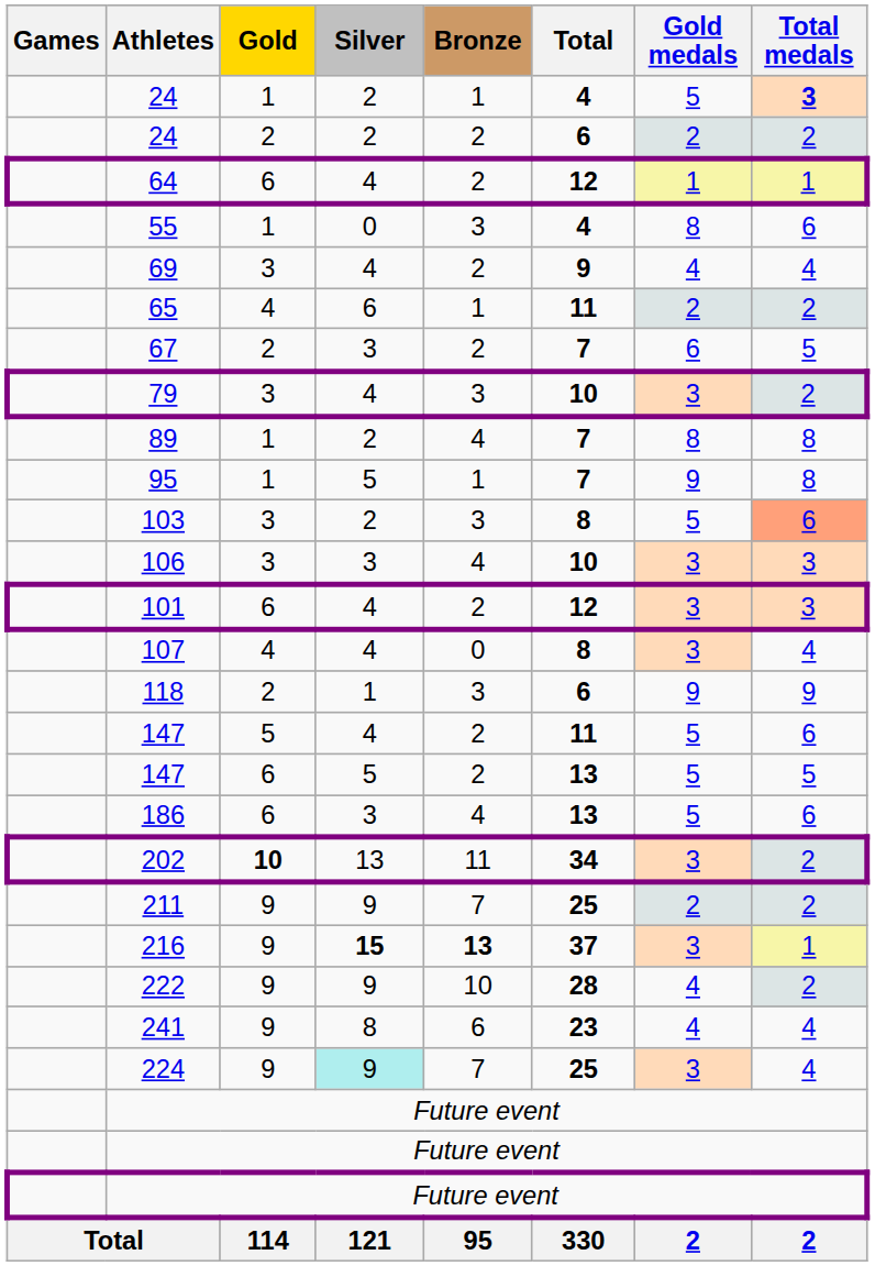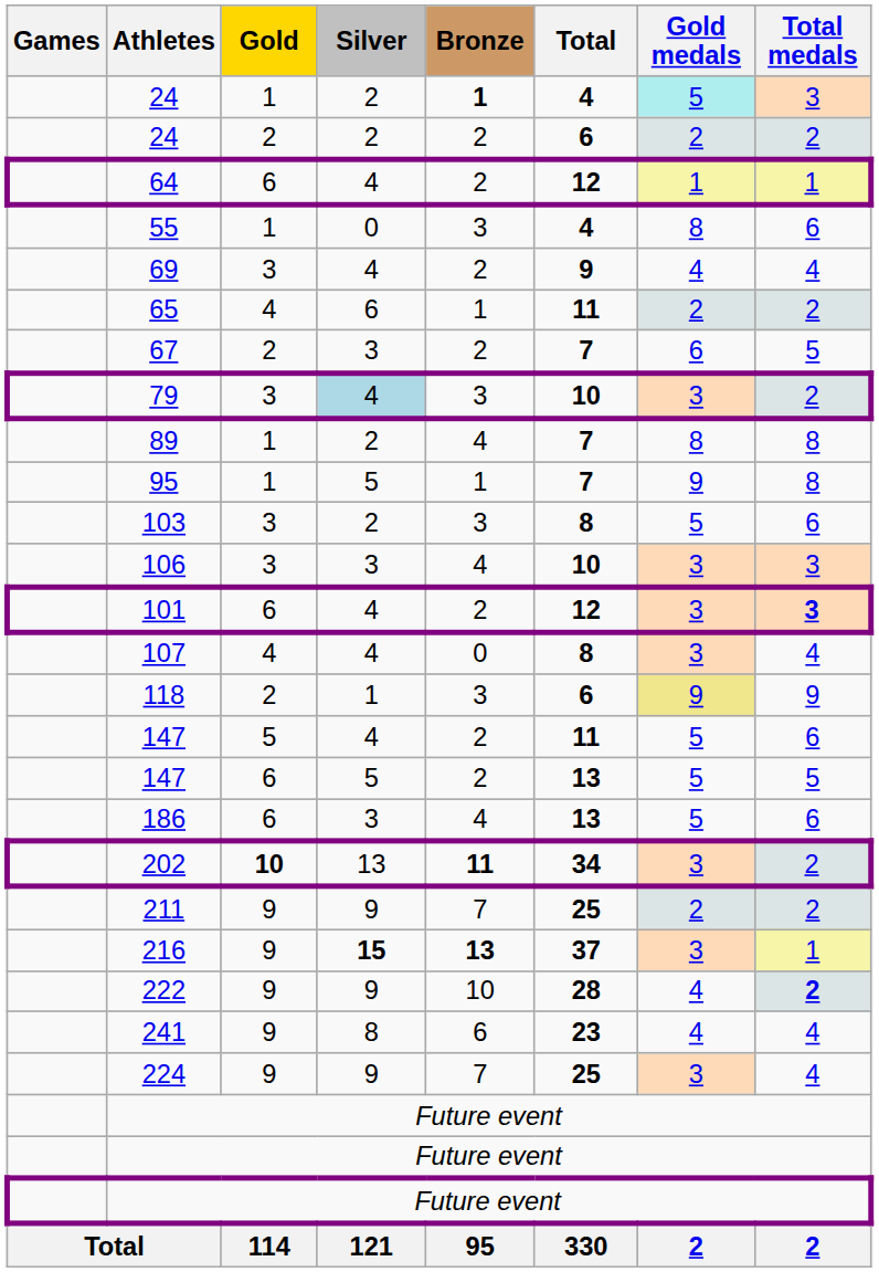 <table class="wikitable" style="text-align:center; font-size:90%;">
 <tr>
 <th>Games</th>
 <th>Athletes</th>
 <td style="background:gold; width:3.2em; font-weight:bold;">Gold</td>
 <td style="background:silver; width:3.7em; font-weight:bold;">Silver</td>
 <td style="background:#c96; width:3.7em; font-weight:bold;">Bronze</td>
 <th style="width:3.5em; font-weight:bold;">Total</th>
 <th style="width:4em; font-weight:bold;"><a href='#'>Gold medals</a></th>
 <th style="width:4em; font-weight:bold;"><a href='#'>Total medals</a></th>
 </tr>
 <tr>
 <td align=left></td>
 <td><a href='#'>24</a></td>
 <td>1</td>
 <td>2</td>
-<td>1</td>
+<td><strong>1</strong></td>
 <td><strong>4</strong></td>
-<td><a href='#'>5</a></td>
-<td style="background:#ffdab9;"><strong><a href='#'>3</a></strong></td>
+<td style="background: paleturquoise;"><a href='#'>5</a></td>
+<td style="background:#ffdab9;"><a href='#'>3</a></td>
 </tr>
 <tr>
 <td align=left></td>
 <td><a href='#'>24</a></td>
 <td>2</td>
 <td>2</td>
 <td>2</td>
 <td><strong>6</strong></td>
 <td style="background:#dce5e5;"><a href='#'>2</a></td>
 <td style="background:#dce5e5;"><a href='#'>2</a></td>
 </tr>
 <tr style="border: 3px solid purple">
 <td align=left></td>
 <td><a href='#'>64</a></td>
 <td>6</td>
 <td>4</td>
 <td>2</td>
 <td><strong>12</strong></td>
 <td style="background:#f7f6a8;"><a href='#'>1</a></td>
 <td style="background:#f7f6a8;"><a href='#'>1</a></td>
 </tr>
 <tr>
 <td align=left></td>
 <td><a href='#'>55</a></td>
 <td>1</td>
 <td>0</td>
 <td>3</td>
 <td><strong>4</strong></td>
 <td><a href='#'>8</a></td>
 <td><a href='#'>6</a></td>
 </tr>
 <tr>
 <td align=left></td>
 <td><a href='#'>69</a></td>
 <td>3</td>
 <td>4</td>
 <td>2</td>
 <td><strong>9</strong></td>
 <td><a href='#'>4</a></td>
 <td><a href='#'>4</a></td>
 </tr>
 <tr>
 <td align=left></td>
 <td><a href='#'>65</a></td>
 <td>4</td>
 <td>6</td>
 <td>1</td>
 <td><strong>11</strong></td>
 <td style="background:#dce5e5;"><a href='#'>2</a></td>
 <td style="background:#dce5e5;"><a href='#'>2</a></td>
 </tr>
 <tr>
 <td align=left></td>
 <td><a href='#'>67</a></td>
 <td>2</td>
 <td>3</td>
 <td>2</td>
 <td><strong>7</strong></td>
 <td><a href='#'>6</a></td>
 <td><a href='#'>5</a></td>
 </tr>
 <tr style="border: 3px solid purple">
 <td align=left></td>
 <td><a href='#'>79</a></td>
 <td>3</td>
-<td>4</td>
+<td style="background: lightblue;">4</td>
 <td>3</td>
 <td><strong>10</strong></td>
 <td style="background:#ffdab9;"><a href='#'>3</a></td>
 <td style="background:#dce5e5;"><a href='#'>2</a></td>
 </tr>
 <tr>
 <td align=left></td>
 <td><a href='#'>89</a></td>
 <td>1</td>
 <td>2</td>
 <td>4</td>
 <td><strong>7</strong></td>
 <td><a href='#'>8</a></td>
 <td><a href='#'>8</a></td>
 </tr>
 <tr>
 <td align=left></td>
 <td><a href='#'>95</a></td>
 <td>1</td>
 <td>5</td>
 <td>1</td>
 <td><strong>7</strong></td>
 <td><a href='#'>9</a></td>
 <td><a href='#'>8</a></td>
 </tr>
 <tr>
 <td align=left></td>
 <td><a href='#'>103</a></td>
 <td>3</td>
 <td>2</td>
 <td>3</td>
 <td><strong>8</strong></td>
 <td><a href='#'>5</a></td>
-<td style="background: lightsalmon;"><a href='#'>6</a></td>
+<td><a href='#'>6</a></td>
 </tr>
 <tr>
 <td align=left></td>
 <td><a href='#'>106</a></td>
 <td>3</td>
 <td>3</td>
 <td>4</td>
 <td><strong>10</strong></td>
 <td style="background:#ffdab9;"><a href='#'>3</a></td>
 <td style="background:#ffdab9;"><a href='#'>3</a></td>
 </tr>
 <tr style="border: 3px solid purple">
 <td align=left></td>
 <td><a href='#'>101</a></td>
 <td>6</td>
 <td>4</td>
 <td>2</td>
 <td><strong>12</strong></td>
 <td style="background:#ffdab9;"><a href='#'>3</a></td>
-<td style="background:#ffdab9;"><a href='#'>3</a></td>
+<td style="background:#ffdab9;"><strong><a href='#'>3</a></strong></td>
 </tr>
 <tr>
 <td align=left></td>
 <td><a href='#'>107</a></td>
 <td>4</td>
 <td>4</td>
 <td>0</td>
 <td><strong>8</strong></td>
 <td style="background:#ffdab9;"><a href='#'>3</a></td>
 <td><a href='#'>4</a></td>
 </tr>
 <tr>
 <td align=left></td>
 <td><a href='#'>118</a></td>
 <td>2</td>
 <td>1</td>
 <td>3</td>
 <td><strong>6</strong></td>
-<td><a href='#'>9</a></td>
+<td style="background: khaki;"><a href='#'>9</a></td>
 <td><a href='#'>9</a></td>
 </tr>
 <tr>
 <td align=left></td>
 <td><a href='#'>147</a></td>
 <td>5</td>
 <td>4</td>
 <td>2</td>
 <td><strong>11</strong></td>
 <td><a href='#'>5</a></td>
 <td><a href='#'>6</a></td>
 </tr>
 <tr>
 <td align=left></td>
 <td><a href='#'>147</a></td>
 <td>6</td>
 <td>5</td>
 <td>2</td>
 <td><strong>13</strong></td>
 <td><a href='#'>5</a></td>
 <td><a href='#'>5</a></td>
 </tr>
 <tr>
 <td align=left></td>
 <td><a href='#'>186</a></td>
 <td>6</td>
 <td>3</td>
 <td>4</td>
 <td><strong>13</strong></td>
 <td><a href='#'>5</a></td>
 <td><a href='#'>6</a></td>
 </tr>
 <tr style="border: 3px solid purple">
 <td align=left></td>
 <td><a href='#'>202</a></td>
 <td><strong>10</strong></td>
 <td>13</td>
-<td>11</td>
+<td><strong>11</strong></td>
 <td><strong>34</strong></td>
 <td style="background:#ffdab9;"><a href='#'>3</a></td>
 <td style="background:#dce5e5;"><a href='#'>2</a></td>
 </tr>
 <tr>
 <td align=left></td>
 <td><a href='#'>211</a></td>
 <td>9</td>
 <td>9</td>
 <td>7</td>
 <td><strong>25</strong></td>
 <td style="background:#dce5e5;"><a href='#'>2</a></td>
 <td style="background:#dce5e5;"><a href='#'>2</a></td>
 </tr>
 <tr>
 <td align=left></td>
 <td><a href='#'>216</a></td>
 <td>9</td>
 <td><strong>15</strong></td>
 <td><strong>13</strong></td>
 <td><strong>37</strong></td>
 <td style="background:#ffdab9;"><a href='#'>3</a></td>
 <td style="background:#f7f6a8;"><a href='#'>1</a></td>
 </tr>
 <tr>
 <td align=left></td>
 <td><a href='#'>222</a></td>
 <td>9</td>
 <td>9</td>
 <td>10</td>
 <td><strong>28</strong></td>
 <td><a href='#'>4</a></td>
-<td style="background:#dce5e5;"><a href='#'>2</a></td>
+<td style="background:#dce5e5;"><strong><a href='#'>2</a></strong></td>
 </tr>
 <tr>
 <td align=left></td>
 <td><a href='#'>241</a></td>
 <td>9</td>
 <td>8</td>
 <td>6</td>
 <td><strong>23</strong></td>
 <td><a href='#'>4</a></td>
 <td><a href='#'>4</a></td>
 </tr>
 <tr>
 <td align=left></td>
 <td><a href='#'>224</a></td>
 <td>9</td>
-<td style="background: paleturquoise;">9</td>
+<td>9</td>
 <td>7</td>
 <td><strong>25</strong></td>
 <td style="background:#ffdab9;"><a href='#'>3</a></td>
 <td><a href='#'>4</a></td>
 </tr>
 <tr>
 <td align=left></td>
 <td colspan="7"><em>Future event</em></td>
 </tr>
 <tr>
 <td align=left></td>
 <td colspan="7"><em>Future event</em></td>
 </tr>
 <tr style="border: 3px solid purple">
 <td align=left></td>
 <td colspan="7"><em>Future event</em></td>
 </tr>
 <tr>
 <th colspan=2>Total</th>
 <th>114</th>
 <th>121</th>
 <th>95</th>
 <th>330</th>
 <th><a href='#'>2</a></th>
 <th><a href='#'>2</a></th>
 </tr>
 </table>
